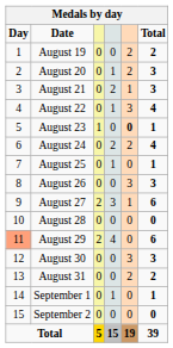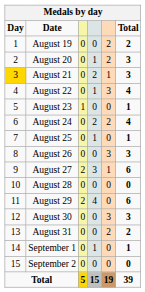 <table class=wikitable style="font-size:85%; float:right;text-align:center">
 <tr>
 <th colspan=7>Medals by day</th>
 </tr>
 <tr>
 <td><strong>Day</strong></td>
 <td><strong>Date</strong></td>
 <td bgcolor=F7F6A8></td>
 <td bgcolor=DCE5E5></td>
 <td bgcolor=FFDAB9></td>
 <td><strong>Total</strong></td>
 </tr>
 <tr>
 <td>1</td>
 <td>August 19</td>
 <td bgcolor=F7F6A8>0</td>
 <td bgcolor=DCE5E5>0</td>
 <td bgcolor=FFDAB9>2</td>
 <td><strong>2</strong></td>
 </tr>
 <tr>
 <td>2</td>
 <td>August 20</td>
 <td bgcolor=F7F6A8>0</td>
 <td bgcolor=DCE5E5>1</td>
 <td bgcolor=FFDAB9>2</td>
 <td><strong>3</strong></td>
 </tr>
 <tr>
-<td>3</td>
+<td style="background: gold;">3</td>
 <td>August 21</td>
 <td bgcolor=F7F6A8>0</td>
 <td bgcolor=DCE5E5>2</td>
 <td bgcolor=FFDAB9>1</td>
 <td><strong>3</strong></td>
 </tr>
 <tr>
 <td>4</td>
 <td>August 22</td>
 <td bgcolor=F7F6A8>0</td>
 <td bgcolor=DCE5E5>1</td>
 <td bgcolor=FFDAB9>3</td>
 <td><strong>4</strong></td>
 </tr>
 <tr>
 <td>5</td>
 <td>August 23</td>
 <td bgcolor=F7F6A8>1</td>
 <td bgcolor=DCE5E5>0</td>
-<td bgcolor=FFDAB9><strong>0</strong></td>
+<td bgcolor=FFDAB9>0</td>
 <td><strong>1</strong></td>
 </tr>
 <tr>
 <td>6</td>
 <td>August 24</td>
 <td bgcolor=F7F6A8>0</td>
 <td bgcolor=DCE5E5>2</td>
 <td bgcolor=FFDAB9>2</td>
 <td><strong>4</strong></td>
 </tr>
 <tr>
 <td>7</td>
 <td>August 25</td>
 <td bgcolor=F7F6A8>0</td>
 <td bgcolor=DCE5E5>1</td>
 <td bgcolor=FFDAB9>0</td>
 <td><strong>1</strong></td>
 </tr>
 <tr>
 <td>8</td>
 <td>August 26</td>
 <td bgcolor=F7F6A8>0</td>
 <td bgcolor=DCE5E5>0</td>
 <td bgcolor=FFDAB9>3</td>
 <td><strong>3</strong></td>
 </tr>
 <tr>
 <td>9</td>
 <td>August 27</td>
 <td bgcolor=F7F6A8>2</td>
 <td bgcolor=DCE5E5>3</td>
 <td bgcolor=FFDAB9>1</td>
 <td><strong>6</strong></td>
 </tr>
 <tr>
 <td>10</td>
 <td>August 28</td>
 <td bgcolor=F7F6A8>0</td>
 <td bgcolor=DCE5E5>0</td>
 <td bgcolor=FFDAB9>0</td>
 <td><strong>0</strong></td>
 </tr>
 <tr>
-<td style="background: lightsalmon;">11</td>
+<td>11</td>
 <td>August 29</td>
 <td bgcolor=F7F6A8>2</td>
 <td bgcolor=DCE5E5>4</td>
 <td bgcolor=FFDAB9>0</td>
 <td><strong>6</strong></td>
 </tr>
 <tr>
 <td>12</td>
 <td>August 30</td>
 <td bgcolor=F7F6A8>0</td>
 <td bgcolor=DCE5E5>0</td>
 <td bgcolor=FFDAB9>3</td>
 <td><strong>3</strong></td>
 </tr>
 <tr>
 <td>13</td>
 <td>August 31</td>
 <td bgcolor=F7F6A8>0</td>
 <td bgcolor=DCE5E5>0</td>
 <td bgcolor=FFDAB9>2</td>
 <td><strong>2</strong></td>
 </tr>
 <tr>
 <td>14</td>
 <td>September 1</td>
 <td bgcolor=F7F6A8>0</td>
 <td bgcolor=DCE5E5>1</td>
 <td bgcolor=FFDAB9>0</td>
 <td><strong>1</strong></td>
 </tr>
 <tr>
 <td>15</td>
 <td>September 2</td>
 <td bgcolor=F7F6A8>0</td>
 <td bgcolor=DCE5E5>0</td>
 <td bgcolor=FFDAB9>0</td>
 <td><strong>0</strong></td>
 </tr>
 <tr>
 <td colspan=2><strong>Total</strong></td>
 <td style="background:gold;"><strong>5</strong></td>
 <td style="background:silver;"><strong>15</strong></td>
 <td style="background:#c96;"><strong>19</strong></td>
 <td><strong>39</strong></td>
 </tr>
 </table>
